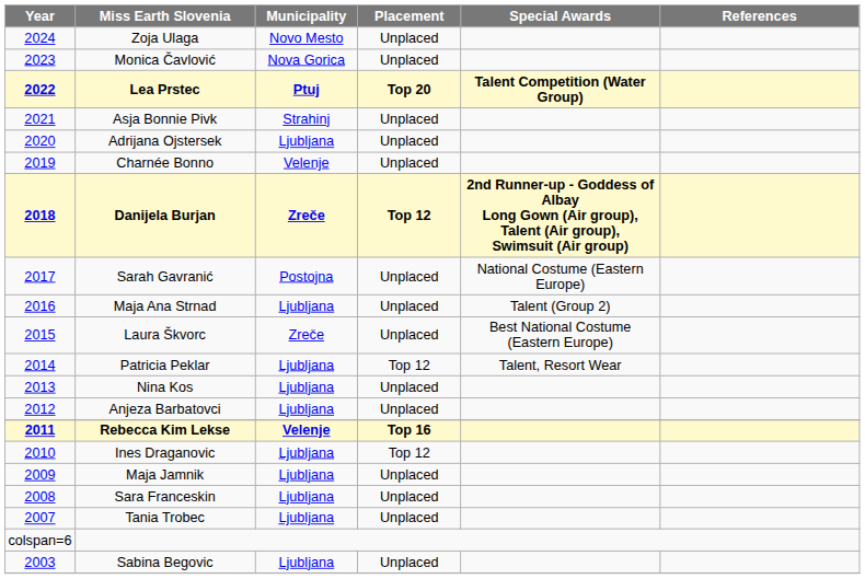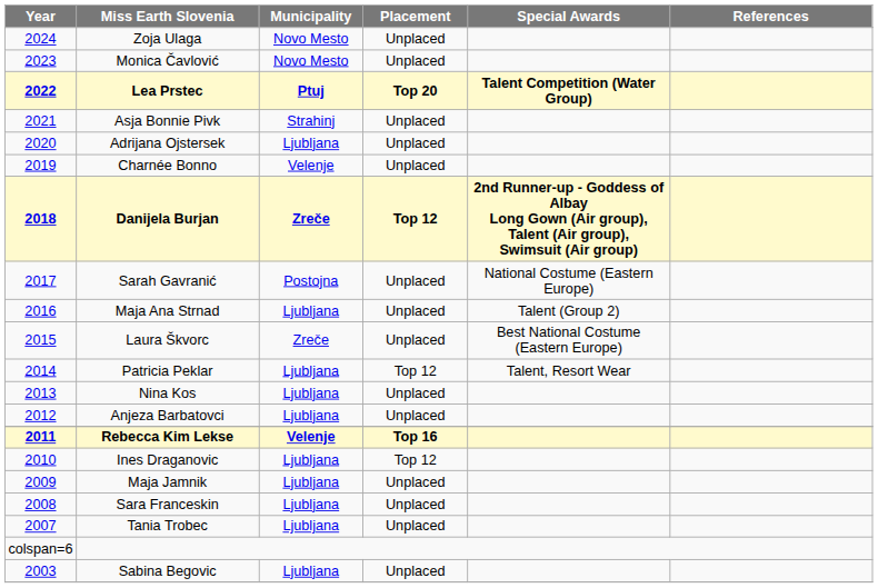 <table class="wikitable sortable" style="font-size: 90%; text-align:center">
 <tr>
 <th width="60" style="background-color:#787878;color:#FFFFFF;">Year</th>
 <th width="180" style="background-color:#787878;color:#FFFFFF;">Miss Earth Slovenia</th>
 <th width="100" style="background-color:#787878;color:#FFFFFF;">Municipality</th>
 <th width="100" style="background-color:#787878;color:#FFFFFF;">Placement</th>
 <th width="200" style="background-color:#787878;color:#FFFFFF;">Special Awards</th>
 <th width="200" style="background-color:#787878;color:#FFFFFF;">References</th>
 </tr>
 <tr style="background-color:#FFFACD; font-weight: bold">
 </tr>
 <tr>
 <td><a href='#'>2024</a></td>
 <td>Zoja Ulaga</td>
 <td><a href='#'>Novo Mesto</a></td>
 <td>Unplaced</td>
 <td></td>
 <td></td>
 </tr>
 <tr>
 <td><a href='#'>2023</a></td>
 <td>Monica Čavlović</td>
-<td><a href='#'>Nova Gorica</a></td>
+<td><a href='#'>Novo Mesto</a></td>
 <td>Unplaced</td>
 <td></td>
 <td></td>
 </tr>
 <tr style="background-color:#FFFACD; font-weight: bold">
 <td><a href='#'>2022</a></td>
 <td>Lea Prstec</td>
 <td><a href='#'>Ptuj</a></td>
 <td><strong>Top 20</strong></td>
 <td> Talent Competition (Water Group)</td>
 <td></td>
 </tr>
 <tr>
 <td><a href='#'>2021</a></td>
 <td>Asja Bonnie Pivk</td>
 <td><a href='#'>Strahinj</a></td>
 <td>Unplaced</td>
 <td></td>
 <td></td>
 </tr>
 <tr>
 <td><a href='#'>2020</a></td>
 <td>Adrijana Ojstersek</td>
 <td><a href='#'>Ljubljana</a></td>
 <td>Unplaced</td>
 <td></td>
 <td></td>
 </tr>
 <tr>
 <td><a href='#'>2019</a></td>
 <td>Charnée Bonno</td>
 <td><a href='#'>Velenje</a></td>
 <td>Unplaced</td>
 <td></td>
 <td></td>
 </tr>
 <tr style="background-color:#FFFACD; font-weight: bold">
 <td><a href='#'>2018</a></td>
 <td>Danijela Burjan</td>
 <td><a href='#'>Zreče</a></td>
 <td>Top 12</td>
 <td>2nd Runner-up - Goddess of Albay<br>Long Gown (Air group),<br>  Talent (Air group),<br>  Swimsuit (Air group)</td>
 <td></td>
 </tr>
 <tr>
 <td><a href='#'>2017</a></td>
 <td>Sarah Gavranić</td>
 <td><a href='#'>Postojna</a></td>
 <td>Unplaced</td>
 <td> National  Costume (Eastern Europe)</td>
 <td></td>
 </tr>
 <tr>
 <td><a href='#'>2016</a></td>
 <td>Maja Ana Strnad</td>
 <td><a href='#'>Ljubljana</a></td>
 <td>Unplaced</td>
 <td> Talent (Group 2)</td>
 <td></td>
 </tr>
 <tr>
 <td><a href='#'>2015</a></td>
 <td>Laura Škvorc</td>
 <td><a href='#'>Zreče</a></td>
 <td>Unplaced</td>
 <td> Best National Costume (Eastern Europe)</td>
 <td></td>
 </tr>
 <tr>
 <td><a href='#'>2014</a></td>
 <td>Patricia Peklar</td>
 <td><a href='#'>Ljubljana</a></td>
 <td>Top 12</td>
 <td> Talent,  Resort Wear</td>
 <td></td>
 </tr>
 <tr>
 <td><a href='#'>2013</a></td>
 <td>Nina Kos</td>
 <td><a href='#'>Ljubljana</a></td>
 <td>Unplaced</td>
 <td></td>
 <td></td>
 </tr>
 <tr>
 <td><a href='#'>2012</a></td>
 <td>Anjeza Barbatovci</td>
 <td><a href='#'>Ljubljana</a></td>
 <td>Unplaced</td>
 <td></td>
 <td></td>
 </tr>
 <tr>
 </tr>
 <tr style="background-color:#FFFACD; font-weight: bold">
 <td><a href='#'>2011</a></td>
 <td>Rebecca Kim Lekse</td>
 <td><a href='#'>Velenje</a></td>
 <td>Top 16</td>
 <td></td>
 <td></td>
 </tr>
 <tr>
 <td><a href='#'>2010</a></td>
 <td>Ines Draganovic</td>
 <td><a href='#'>Ljubljana</a></td>
 <td>Top 12</td>
 <td></td>
 <td></td>
 </tr>
 <tr>
 <td><a href='#'>2009</a></td>
 <td>Maja Jamnik</td>
 <td><a href='#'>Ljubljana</a></td>
 <td>Unplaced</td>
 <td></td>
 <td></td>
 </tr>
 <tr>
 <td><a href='#'>2008</a></td>
 <td>Sara Franceskin</td>
 <td><a href='#'>Ljubljana</a></td>
 <td>Unplaced</td>
 <td></td>
 <td></td>
 </tr>
 <tr>
 <td><a href='#'>2007</a></td>
 <td>Tania Trobec</td>
 <td><a href='#'>Ljubljana</a></td>
 <td>Unplaced</td>
 <td></td>
 <td></td>
 </tr>
 <tr>
 <td>colspan=6 </td>
 </tr>
 <tr>
 <td><a href='#'>2003</a></td>
 <td>Sabina Begovic</td>
 <td><a href='#'>Ljubljana</a></td>
 <td>Unplaced</td>
 <td></td>
 <td></td>
 </tr>
 <tr>
 </tr>
 </table>
